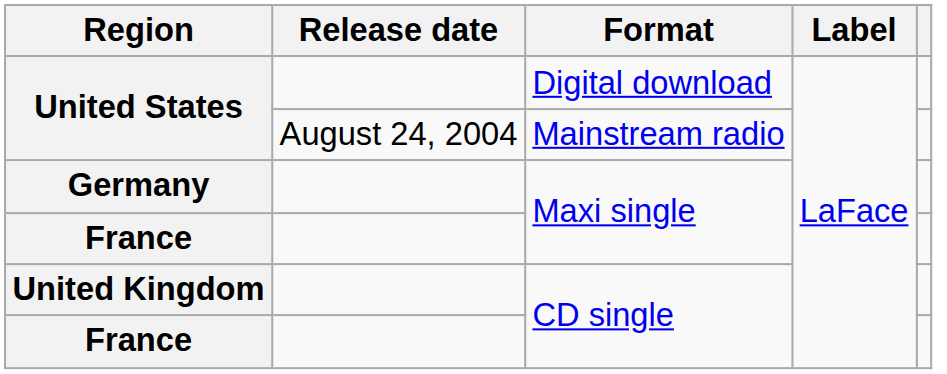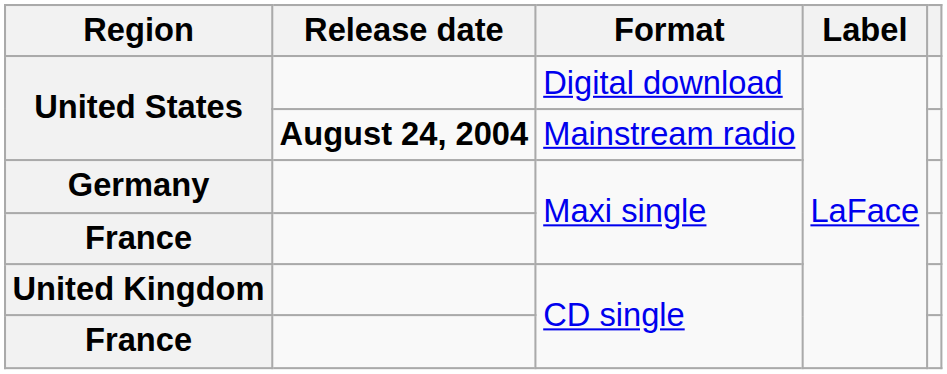 <table class="wikitable plainrowheaders">
 <tr>
 <th>Region</th>
 <th>Release date</th>
 <th>Format</th>
 <th>Label</th>
 <th></th>
 </tr>
 <tr>
 <th scope="row" rowspan="2">United States</th>
 <td></td>
 <td><a href='#'>Digital download</a></td>
 <td rowspan="6"><a href='#'>LaFace</a></td>
 <td></td>
 </tr>
 <tr>
-<td>August 24, 2004</td>
+<td><strong>August 24, 2004</strong></td>
 <td><a href='#'>Mainstream radio</a></td>
 <td></td>
 </tr>
 <tr>
 <th scope="row">Germany</th>
 <td></td>
 <td rowspan="2"><a href='#'>Maxi single</a></td>
 <td></td>
 </tr>
 <tr>
 <th scope="row">France</th>
 <td></td>
 <td></td>
 </tr>
 <tr>
 <th scope="row">United Kingdom</th>
 <td></td>
 <td rowspan="2"><a href='#'>CD single</a></td>
 <td></td>
 </tr>
 <tr>
 <th scope="row">France</th>
 <td></td>
 <td></td>
 </tr>
 </table>
